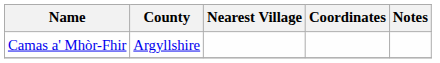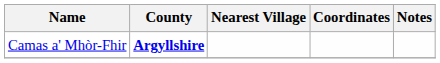 <table class="wikitable sortable" style="table-layout:fixed;background-color:#FEFEFE;font-size:95%;padding:0.30em;line-height:1.35em;">
 <tr>
 <th scope="col">Name</th>
 <th scope="col">County</th>
 <th scope="col">Nearest Village</th>
 <th scope="col" data-sort-type="number">Coordinates</th>
 <th scope="col">Notes</th>
 </tr>
 <tr>
 <td><a href='#'>Camas a' Mhòr-Fhir</a></td>
-<td><a href='#'>Argyllshire</a></td>
+<td><strong><a href='#'>Argyllshire</a></strong></td>
 <td></td>
 <td></td>
 <td></td>
 </tr>
 <tr>
 </tr>
 </table>
